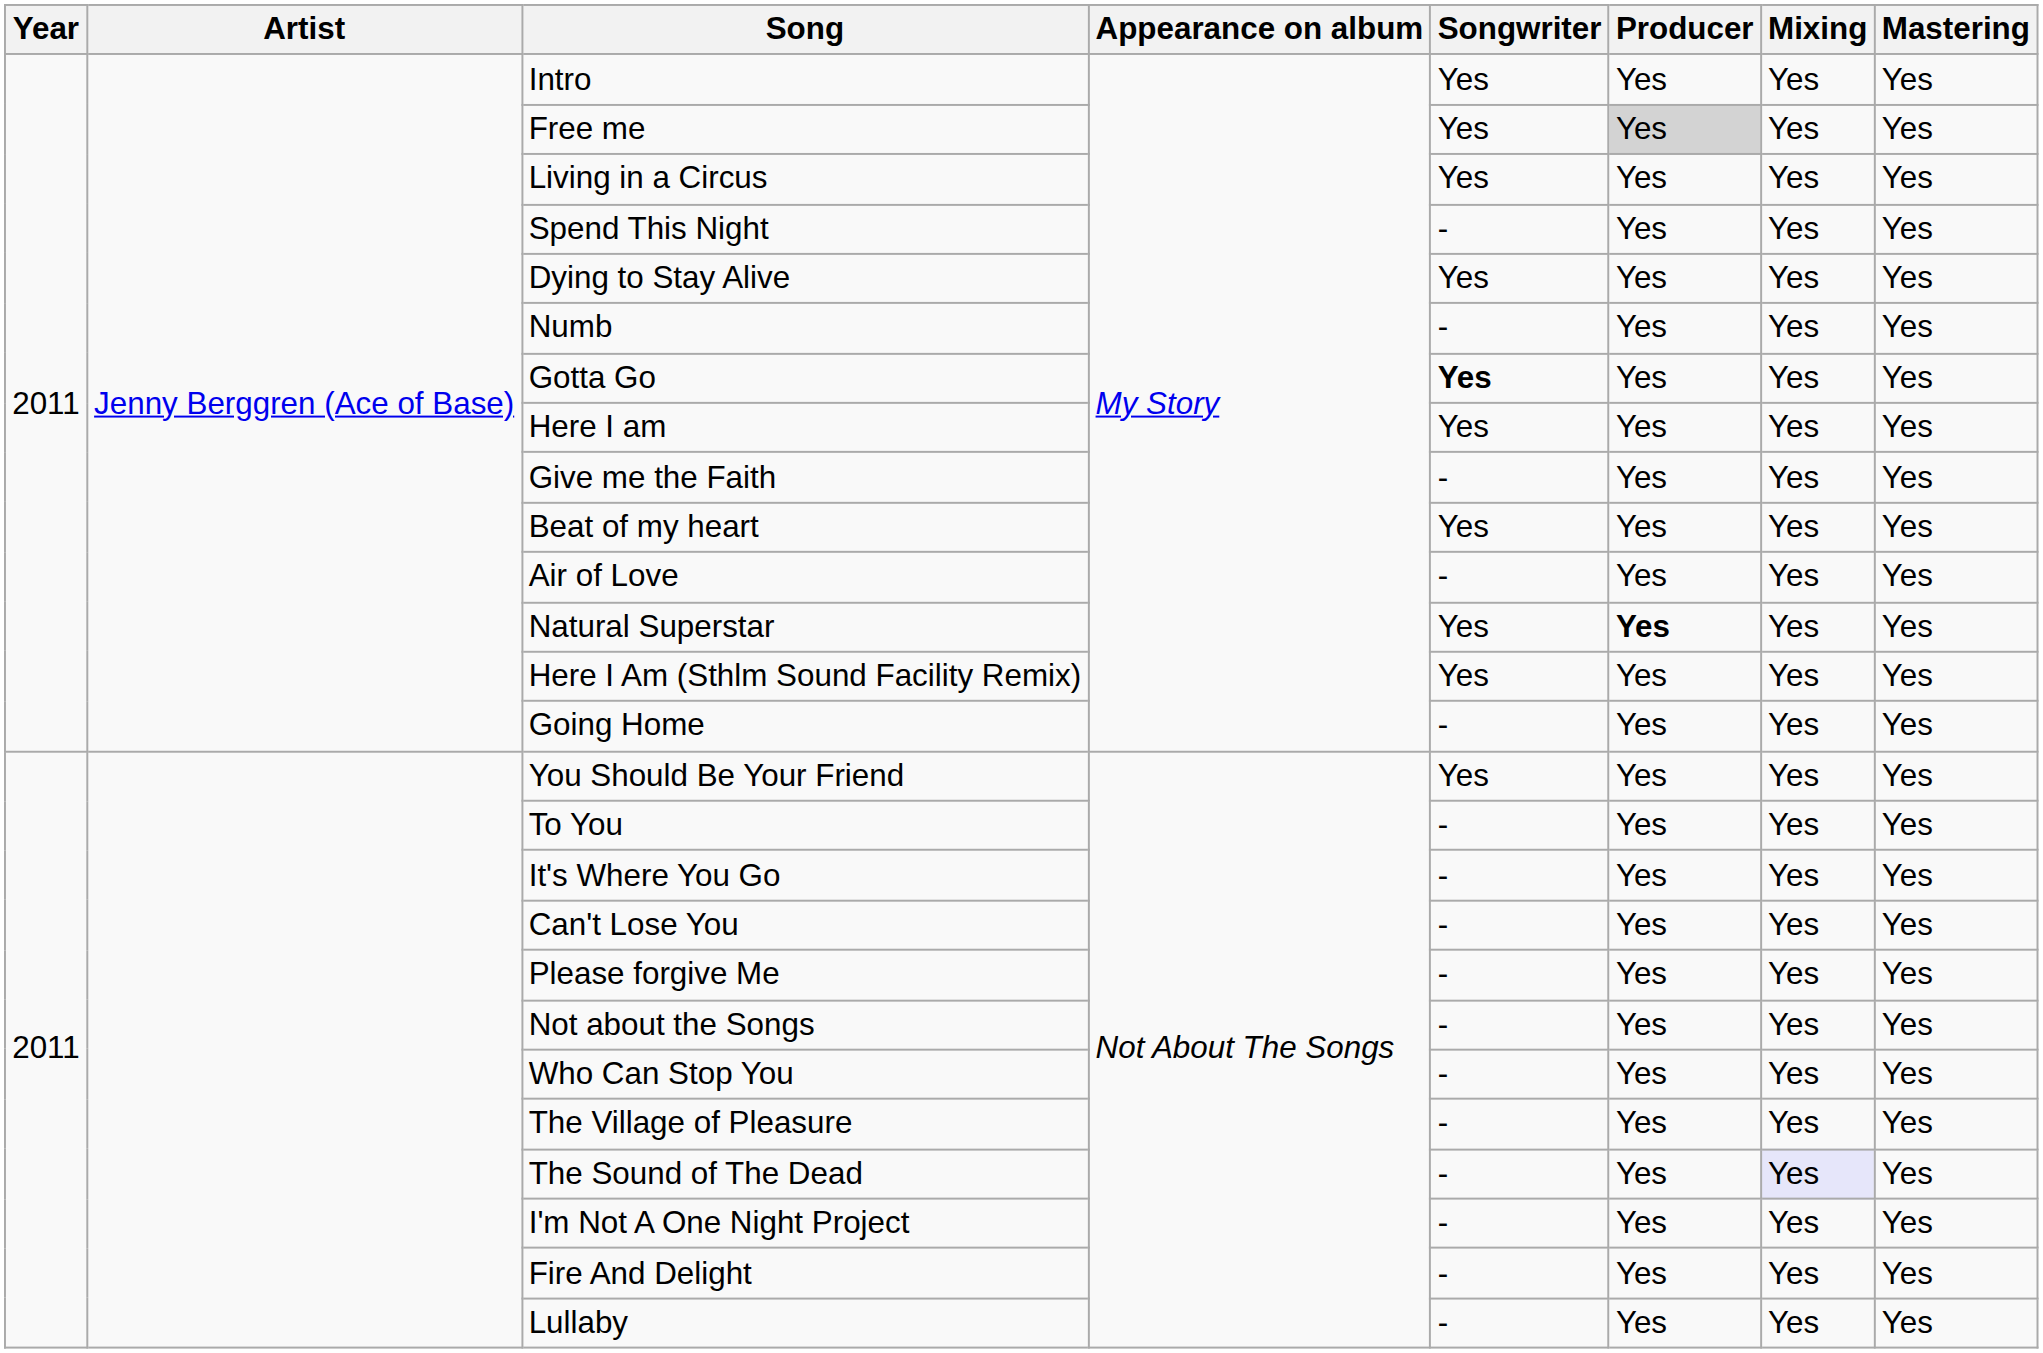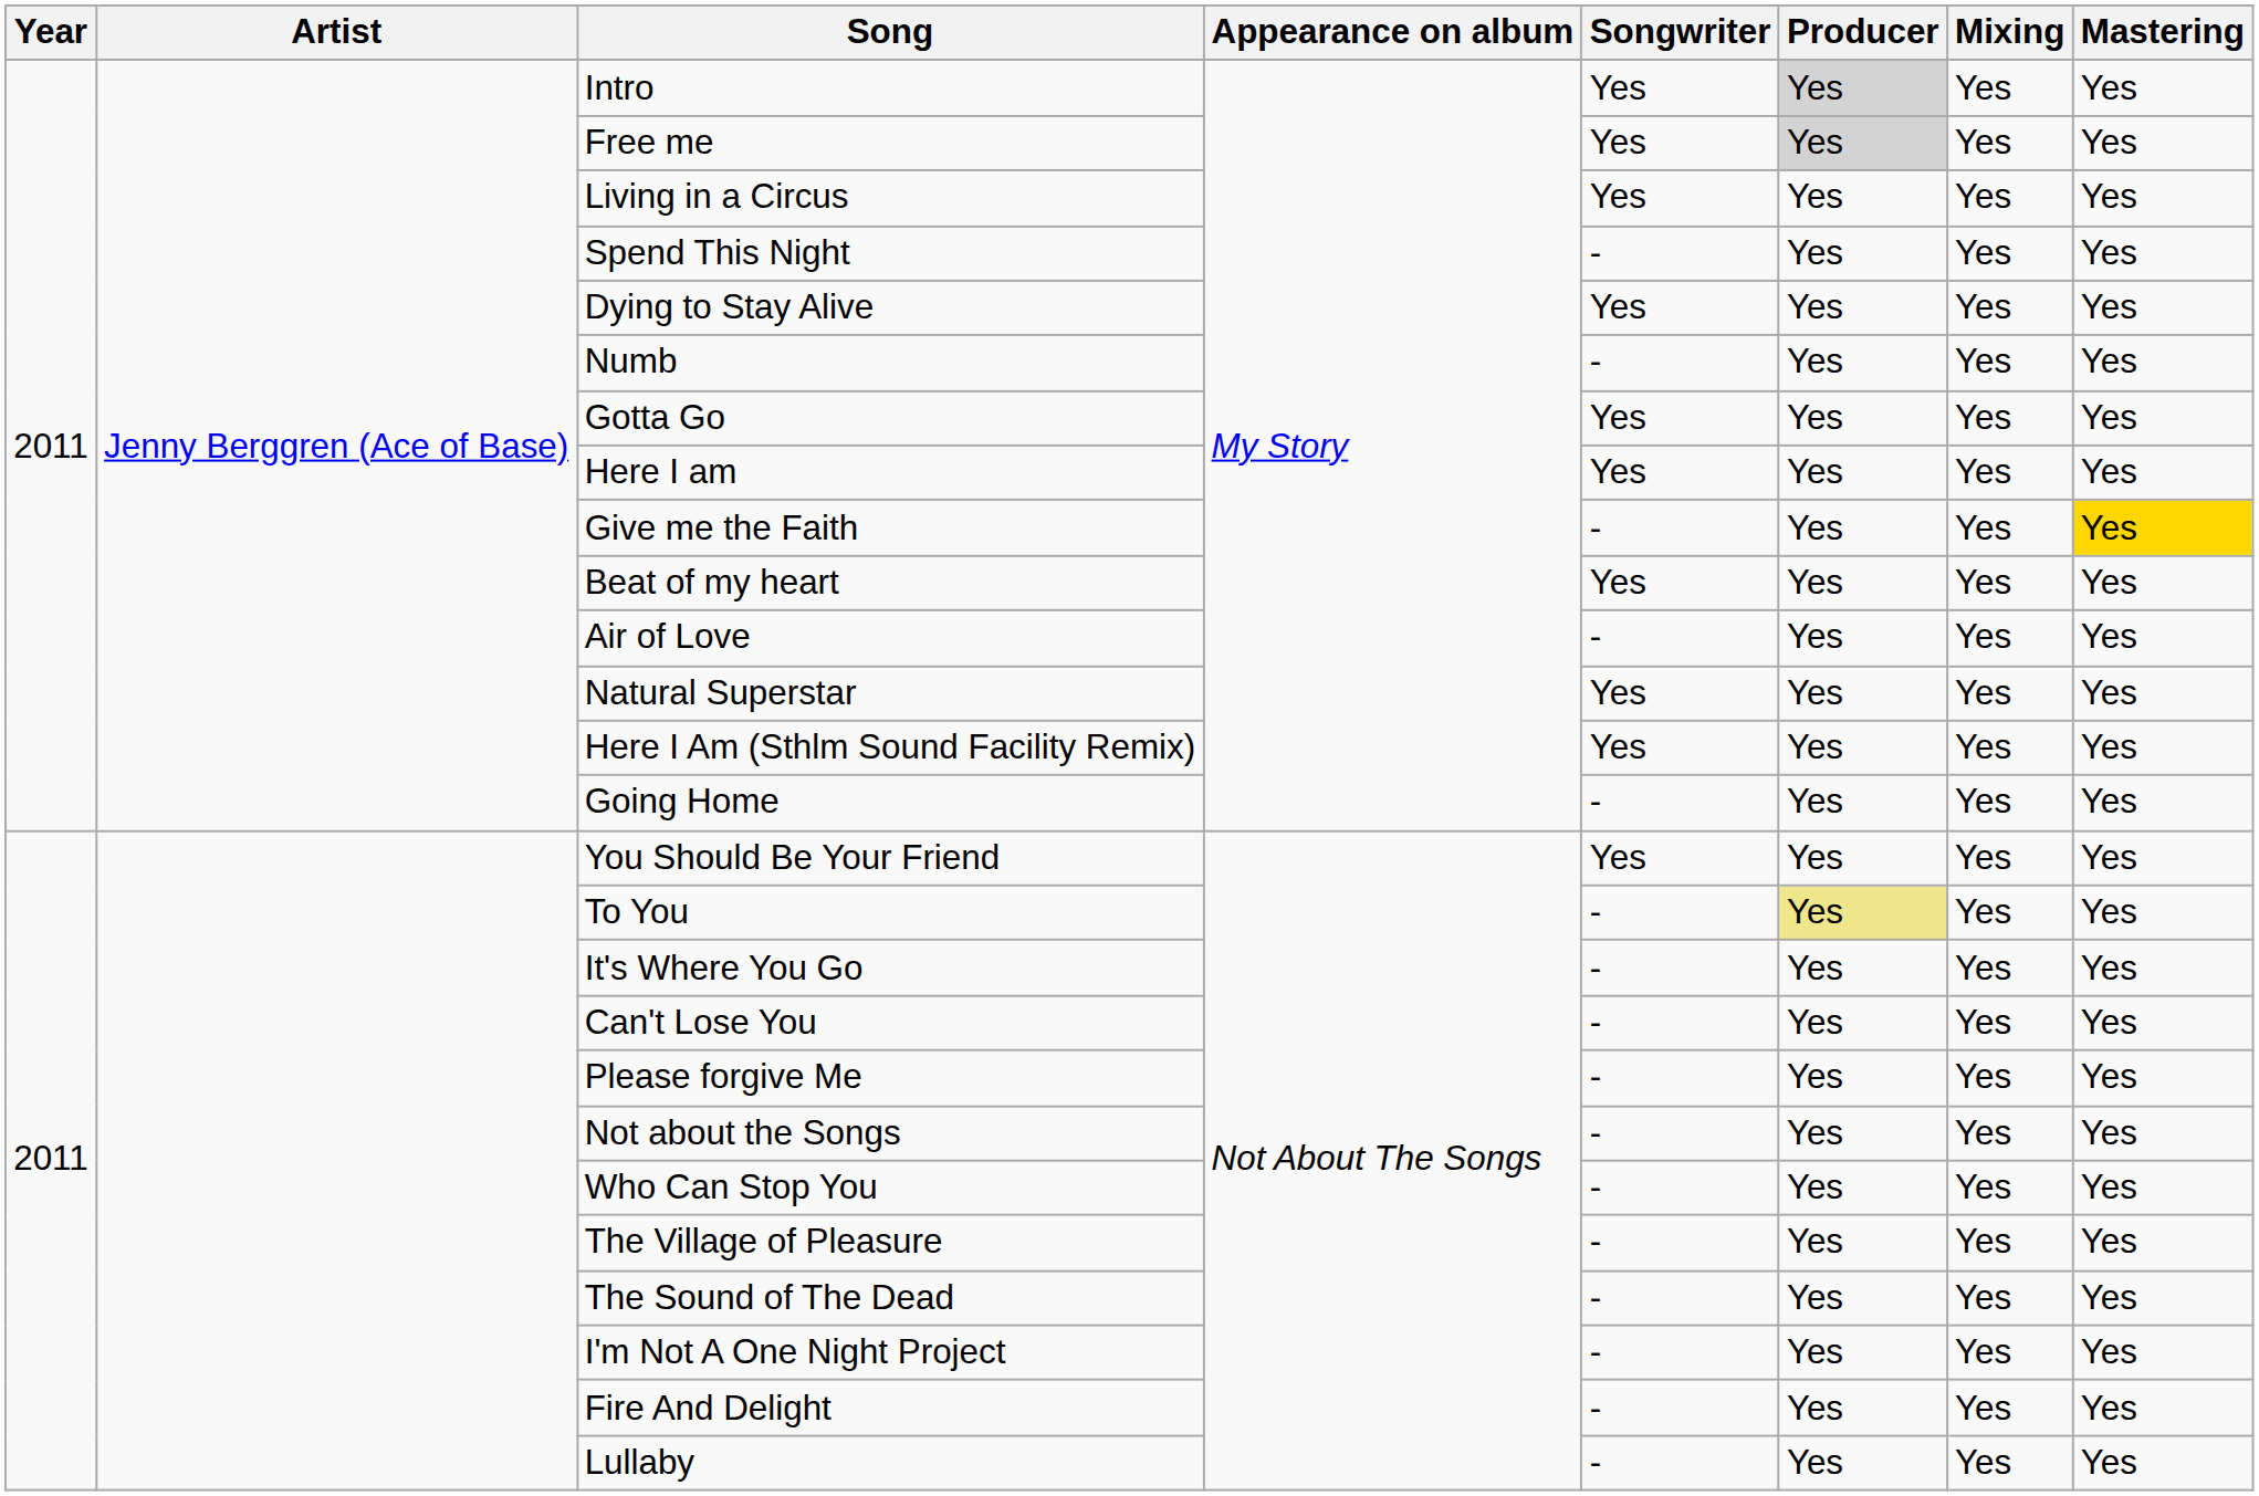 <table class=wikitable>
 <tr>
 <th>Year</th>
 <th>Artist</th>
 <th>Song</th>
 <th>Appearance on album</th>
 <th>Songwriter</th>
 <th>Producer</th>
 <th>Mixing</th>
 <th>Mastering</th>
 </tr>
 <tr>
 <td rowspan=14>2011</td>
 <td rowspan=14><a href='#'>Jenny Berggren (Ace of Base)</a></td>
 <td>Intro</td>
 <td rowspan=14><em><a href='#'>My Story</a></em></td>
 <td>Yes</td>
-<td>Yes</td>
+<td style="background: lightgrey;">Yes</td>
 <td>Yes</td>
 <td>Yes</td>
 </tr>
 <tr>
 <td>Free me</td>
 <td>Yes</td>
 <td style="background: lightgrey;">Yes</td>
 <td>Yes</td>
 <td>Yes</td>
 </tr>
 <tr>
 <td>Living in a Circus</td>
 <td>Yes</td>
 <td>Yes</td>
 <td>Yes</td>
 <td>Yes</td>
 </tr>
 <tr>
 <td>Spend This Night</td>
 <td>-</td>
 <td>Yes</td>
 <td>Yes</td>
 <td>Yes</td>
 </tr>
 <tr>
 <td>Dying to Stay Alive</td>
 <td>Yes</td>
 <td>Yes</td>
 <td>Yes</td>
 <td>Yes</td>
 </tr>
 <tr>
 <td>Numb</td>
 <td>-</td>
 <td>Yes</td>
 <td>Yes</td>
 <td>Yes</td>
 </tr>
 <tr>
 <td>Gotta Go</td>
-<td><strong>Yes</strong></td>
+<td>Yes</td>
 <td>Yes</td>
 <td>Yes</td>
 <td>Yes</td>
 </tr>
 <tr>
 <td>Here I am</td>
 <td>Yes</td>
 <td>Yes</td>
 <td>Yes</td>
 <td>Yes</td>
 </tr>
 <tr>
 <td>Give me the Faith</td>
 <td>-</td>
 <td>Yes</td>
 <td>Yes</td>
-<td>Yes</td>
+<td style="background: gold;">Yes</td>
 </tr>
 <tr>
 <td>Beat of my heart</td>
 <td>Yes</td>
 <td>Yes</td>
 <td>Yes</td>
 <td>Yes</td>
 </tr>
 <tr>
 <td>Air of Love</td>
 <td>-</td>
 <td>Yes</td>
 <td>Yes</td>
 <td>Yes</td>
 </tr>
 <tr>
 <td>Natural Superstar</td>
 <td>Yes</td>
-<td><strong>Yes</strong></td>
+<td>Yes</td>
 <td>Yes</td>
 <td>Yes</td>
 </tr>
 <tr>
 <td>Here I Am (Sthlm Sound Facility Remix)</td>
 <td>Yes</td>
 <td>Yes</td>
 <td>Yes</td>
 <td>Yes</td>
 </tr>
 <tr>
 <td>Going Home</td>
 <td>-</td>
 <td>Yes</td>
 <td>Yes</td>
 <td>Yes</td>
 </tr>
 <tr>
 <td rowspan=12>2011</td>
 <td rowspan=12></td>
 <td>You Should Be Your Friend</td>
 <td rowspan=12><em>Not About The Songs</em></td>
 <td>Yes</td>
 <td>Yes</td>
 <td>Yes</td>
 <td>Yes</td>
 </tr>
 <tr>
 <td>To You</td>
 <td>-</td>
-<td>Yes</td>
+<td style="background: khaki;">Yes</td>
 <td>Yes</td>
 <td>Yes</td>
 </tr>
 <tr>
 <td>It's Where You Go</td>
 <td>-</td>
 <td>Yes</td>
 <td>Yes</td>
 <td>Yes</td>
 </tr>
 <tr>
 <td>Can't Lose You</td>
 <td>-</td>
 <td>Yes</td>
 <td>Yes</td>
 <td>Yes</td>
 </tr>
 <tr>
 <td>Please forgive Me</td>
 <td>-</td>
 <td>Yes</td>
 <td>Yes</td>
 <td>Yes</td>
 </tr>
 <tr>
 <td>Not about the Songs</td>
 <td>-</td>
 <td>Yes</td>
 <td>Yes</td>
 <td>Yes</td>
 </tr>
 <tr>
 <td>Who Can Stop You</td>
 <td>-</td>
 <td>Yes</td>
 <td>Yes</td>
 <td>Yes</td>
 </tr>
 <tr>
 <td>The Village of Pleasure</td>
 <td>-</td>
 <td>Yes</td>
 <td>Yes</td>
 <td>Yes</td>
 </tr>
 <tr>
 <td>The Sound of The Dead</td>
 <td>-</td>
 <td>Yes</td>
-<td style="background: lavender;">Yes</td>
+<td>Yes</td>
 <td>Yes</td>
 </tr>
 <tr>
 <td>I'm Not A One Night Project</td>
 <td>-</td>
 <td>Yes</td>
 <td>Yes</td>
 <td>Yes</td>
 </tr>
 <tr>
 <td>Fire And Delight</td>
 <td>-</td>
 <td>Yes</td>
 <td>Yes</td>
 <td>Yes</td>
 </tr>
 <tr>
 <td>Lullaby</td>
 <td>-</td>
 <td>Yes</td>
 <td>Yes</td>
 <td>Yes</td>
 </tr>
 </table>
